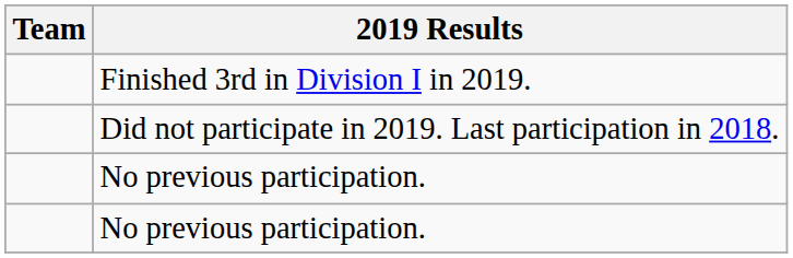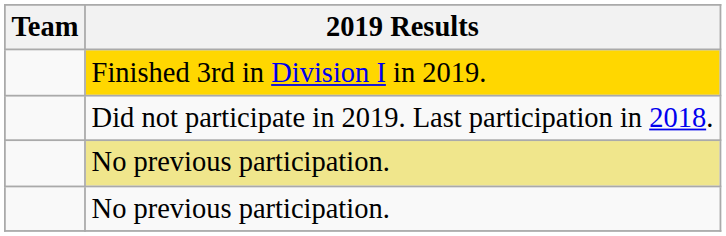 <table class="wikitable">
 <tr>
 <th>Team</th>
 <th>2019 Results</th>
 </tr>
 <tr>
 <td></td>
-<td>Finished 3rd in <a href='#'>Division I</a> in 2019.</td>
+<td style="background: gold;">Finished 3rd in <a href='#'>Division I</a> in 2019.</td>
 </tr>
 <tr>
 <td></td>
 <td>Did not participate in 2019. Last participation in <a href='#'>2018</a>.</td>
 </tr>
 <tr>
 <td></td>
-<td>No previous participation.</td>
+<td style="background: khaki;">No previous participation.</td>
 </tr>
 <tr>
 <td></td>
 <td>No previous participation.</td>
 </tr>
 </table>
